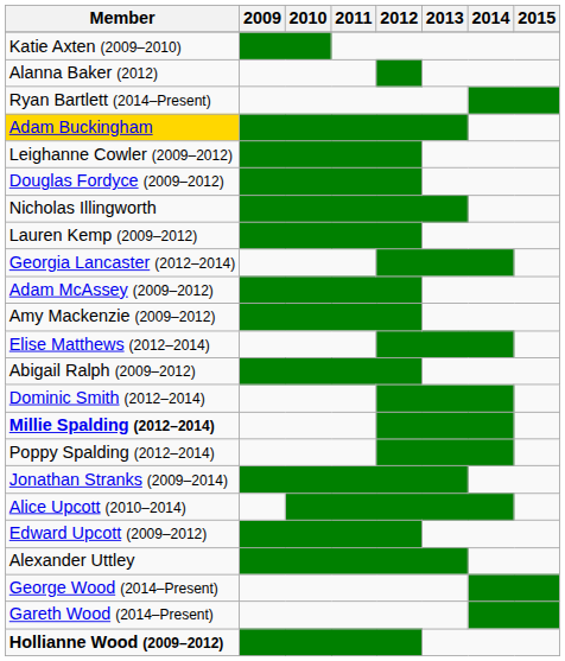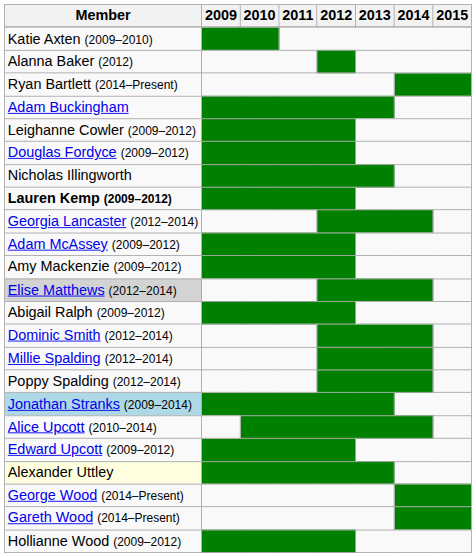 <table class="wikitable">
 <tr>
 <th>Member</th>
 <th>2009</th>
 <th>2010</th>
 <th>2011</th>
 <th>2012</th>
 <th>2013</th>
 <th>2014</th>
 <th>2015</th>
 </tr>
 <tr>
 </tr>
 <tr>
 <td>Katie Axten <small>(2009–2010)</small></td>
 <td colspan="2"  style="text-align:center; background:green"></td>
 <td colspan="5"></td>
 </tr>
 <tr>
 <td>Alanna Baker <small>(2012)</small></td>
 <td colspan="3"></td>
 <td colspan="1" style="text-align:center; background:green;"></td>
 <td colspan="3"></td>
 </tr>
 <tr>
 <td>Ryan Bartlett <small>(2014–Present) </small></td>
 <td colspan="5"></td>
 <td colspan="2"  style="text-align:center; background:green"></td>
 </tr>
 <tr>
-<td style="background: gold;"><a href='#'>Adam Buckingham</a></td>
+<td><a href='#'>Adam Buckingham</a></td>
 <td colspan="5"  style="text-align:center; background:green;"></td>
 <td colspan="2"></td>
 </tr>
 <tr>
 <td>Leighanne Cowler <small>(2009–2012)</small></td>
 <td colspan="4" style="text-align:center; background:green;"></td>
 <td colspan="3"></td>
 </tr>
 <tr>
 <td><a href='#'>Douglas Fordyce</a> <small>(2009–2012)</small></td>
 <td colspan="4" style="text-align:center; background:green"></td>
 <td colspan="3"></td>
 </tr>
 <tr>
 <td>Nicholas Illingworth</td>
 <td colspan="5" style="text-align:center; background:green;"></td>
 <td colspan="3"></td>
 </tr>
 <tr>
-<td>Lauren Kemp <small>(2009–2012)</small></td>
+<td><strong>Lauren Kemp <small>(2009–2012)</small></strong></td>
 <td colspan="4"  style="text-align:center; background:green"></td>
 <td colspan="3"></td>
 </tr>
 <tr>
 <td><a href='#'>Georgia Lancaster</a> <small>(2012–2014)</small></td>
 <td colspan="3"></td>
 <td colspan="3" style="text-align:center; background:green;"></td>
 <td colspan="1"></td>
 </tr>
 <tr>
 <td><a href='#'>Adam McAssey</a> <small>(2009–2012)</small></td>
 <td colspan="4"  style="text-align:center; background:green"></td>
 <td colspan="3"></td>
 </tr>
 <tr>
 <td>Amy Mackenzie <small>(2009–2012)</small></td>
 <td colspan="4" style="text-align:center; background:green"></td>
 <td colspan="3"></td>
 </tr>
 <tr>
-<td><a href='#'>Elise Matthews</a> <small>(2012–2014)</small></td>
+<td style="background: lightgrey;"><a href='#'>Elise Matthews</a> <small>(2012–2014)</small></td>
 <td colspan="3"></td>
 <td colspan="3" style="text-align:center; background:green;"></td>
 <td colspan="1"></td>
 </tr>
 <tr>
 <td>Abigail Ralph <small>(2009–2012)</small></td>
 <td colspan="4"  style="text-align:center; background:green"></td>
 <td colspan="3"></td>
 </tr>
 <tr>
 <td><a href='#'>Dominic Smith</a> <small>(2012–2014)</small></td>
 <td colspan="3"></td>
 <td colspan="3" style="text-align:center; background:green;"></td>
 <td colspan="1"></td>
 </tr>
 <tr>
-<td><strong><a href='#'>Millie Spalding</a> <small>(2012–2014)</small></strong></td>
+<td><a href='#'>Millie Spalding</a> <small>(2012–2014)</small></td>
 <td colspan="3"></td>
 <td colspan="3" style="text-align:center; background:green;"></td>
 <td colspan="1"></td>
 </tr>
 <tr>
 <td>Poppy Spalding <small>(2012–2014)</small></td>
 <td colspan="3"></td>
 <td colspan="3" style="text-align:center; background:green;"></td>
 <td colspan="1"></td>
 </tr>
 <tr>
-<td><a href='#'>Jonathan Stranks</a> <small>(2009–2014)</small></td>
+<td style="background: lightblue;"><a href='#'>Jonathan Stranks</a> <small>(2009–2014)</small></td>
 <td colspan="5"  style="text-align:center; background:green;"></td>
 <td colspan="2"></td>
 </tr>
 <tr>
 <td><a href='#'>Alice Upcott</a> <small>(2010–2014)</small></td>
 <td colspan="1"></td>
 <td colspan="5" style="text-align:center; background:green;"></td>
 <td colspan="1"></td>
 </tr>
 <tr>
 <td><a href='#'>Edward Upcott</a> <small>(2009–2012)</small></td>
 <td colspan="4" style="text-align:center; background:green"></td>
 <td colspan="3"></td>
 </tr>
 <tr>
-<td>Alexander Uttley</td>
+<td style="background: lightyellow;">Alexander Uttley</td>
 <td colspan="5"  style="text-align:center; background:green"></td>
 <td colspan="2"></td>
 </tr>
 <tr>
 <td><a href='#'>George Wood</a> <small>(2014–Present) </small></td>
 <td colspan="5"></td>
 <td colspan="2" style="text-align:center; background:green;"></td>
 </tr>
 <tr>
 <td><a href='#'>Gareth Wood</a> <small>(2014–Present) </small></td>
 <td colspan="5"></td>
 <td colspan="2"  style="text-align:center; background:green"></td>
 </tr>
 <tr>
-<td><strong>Hollianne Wood <small>(2009–2012)</small></strong></td>
+<td>Hollianne Wood <small>(2009–2012)</small></td>
 <td colspan="4"  style="text-align:center; background:green"></td>
 <td colspan="3"></td>
 </tr>
 </table>
